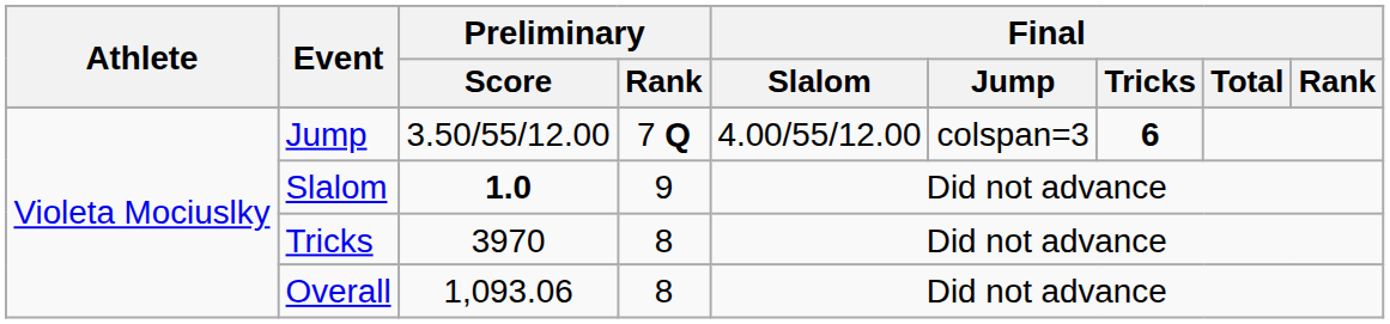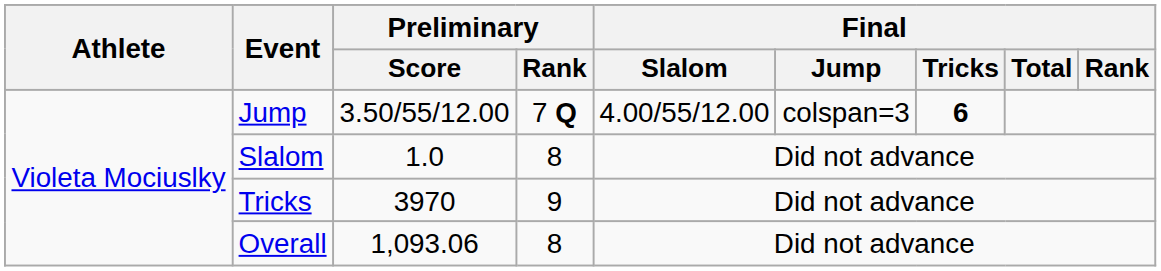 <table class=wikitable style=font-size:90%;text-align:center>
 <tr>
 <th rowspan=2>Athlete</th>
 <th rowspan=2>Event</th>
 <th colspan=2>Preliminary</th>
 <th colspan=5>Final</th>
 </tr>
 <tr style=font-size:95%>
 <th>Score</th>
 <th>Rank</th>
 <th>Slalom</th>
 <th>Jump</th>
 <th>Tricks</th>
 <th>Total</th>
 <th>Rank</th>
 </tr>
 <tr>
 <td align=left rowspan=4><a href='#'>Violeta Mociuslky</a></td>
 <td align=left><a href='#'>Jump</a></td>
 <td>3.50/55/12.00</td>
 <td>7 <strong>Q</strong></td>
 <td>4.00/55/12.00</td>
 <td>colspan=3 </td>
 <td><strong>6</strong></td>
 </tr>
 <tr>
 <td align=left><a href='#'>Slalom</a></td>
-<td><strong>1.0</strong></td>
-<td>9</td>
+<td>1.0</td>
+<td>8</td>
 <td colspan=5>Did not advance</td>
 </tr>
 <tr>
 <td align=left><a href='#'>Tricks</a></td>
 <td>3970</td>
-<td>8</td>
+<td>9</td>
 <td colspan=5>Did not advance</td>
 </tr>
 <tr>
 <td align=left><a href='#'>Overall</a></td>
 <td>1,093.06</td>
 <td>8</td>
 <td colspan=5>Did not advance</td>
 </tr>
 </table>
